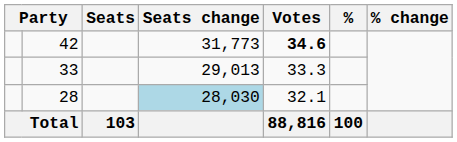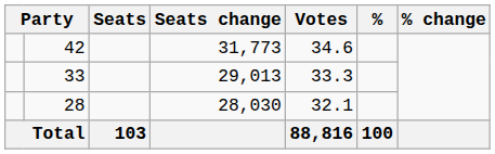 <table class="wikitable sortable">
 <tr>
 <th colspan=2>Party</th>
 <th>Seats</th>
 <th>Seats change</th>
 <th>Votes</th>
 <th>%</th>
 <th>% change</th>
 </tr>
 <tr>
 <td></td>
 <td align=right>42</td>
 <td align=right></td>
 <td align=right>31,773</td>
-<td align=right><strong>34.6</strong></td>
+<td align=right>34.6</td>
 <td align=right></td>
 </tr>
 <tr>
 <td></td>
 <td align=right>33</td>
 <td align=right></td>
 <td align=right>29,013</td>
 <td align=right>33.3</td>
 <td align=right></td>
 </tr>
 <tr>
 <td></td>
 <td align=right>28</td>
 <td align=right></td>
-<td align=right style="background: lightblue;">28,030</td>
+<td align=right>28,030</td>
 <td align=right>32.1</td>
 <td align=right></td>
 </tr>
 <tr class="sortbottom" style="font-weight: bold; text-align: right; background: #f2f2f2;">
 <th colspan="2" style="padding-left: 1.5em; text-align: left;">Total</th>
 <td align=right>103</td>
 <td align=right></td>
 <td align=right>88,816</td>
 <td align=right>100</td>
 <td align=right></td>
 </tr>
 </table>
